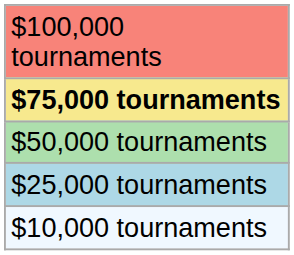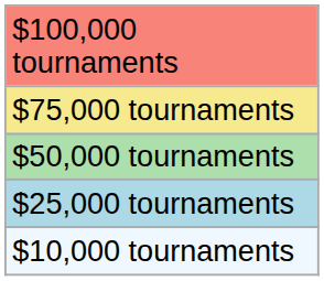 <table class="wikitable" style="font-size:90%;" width=12%>
 <tr bgcolor="#f88379">
 <td>$100,000 tournaments</td>
 </tr>
 <tr bgcolor="#f7e98e">
-<td><strong>$75,000 tournaments</strong></td>
+<td>$75,000 tournaments</td>
 </tr>
 <tr bgcolor="#addfad">
 <td>$50,000 tournaments</td>
 </tr>
 <tr bgcolor="lightblue">
 <td>$25,000 tournaments</td>
 </tr>
 <tr bgcolor="#f0f8ff">
 <td>$10,000 tournaments</td>
 </tr>
 </table>
